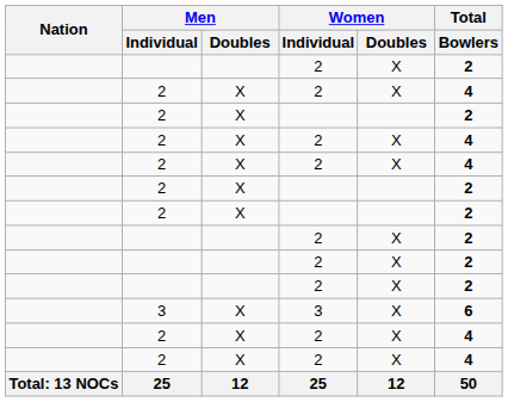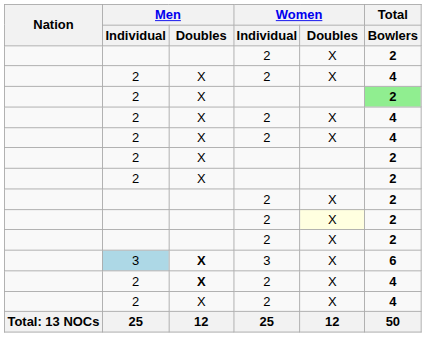 <table class="wikitable" style="text-align:center; font-size:90%">
 <tr>
 <th rowspan="2" align="left">Nation</th>
 <th colspan="2"><a href='#'>Men</a></th>
 <th colspan="2"><a href='#'>Women</a></th>
 <th>Total</th>
 </tr>
 <tr>
 <th width=65>Individual</th>
 <th width=65>Doubles</th>
 <th width=65>Individual</th>
 <th width=65>Doubles</th>
 <th width=55>Bowlers</th>
 </tr>
 <tr>
 <td align=left></td>
 <td></td>
 <td></td>
 <td>2</td>
 <td>X</td>
 <td><strong>2</strong></td>
 </tr>
 <tr>
 <td align=left></td>
 <td>2</td>
 <td>X</td>
 <td>2</td>
 <td>X</td>
 <td><strong>4</strong></td>
 </tr>
 <tr>
 <td align=left></td>
 <td>2</td>
 <td>X</td>
 <td></td>
 <td></td>
-<td><strong>2</strong></td>
+<td style="background: lightgreen;"><strong>2</strong></td>
 </tr>
 <tr>
 <td align=left></td>
 <td>2</td>
 <td>X</td>
 <td>2</td>
 <td>X</td>
 <td><strong>4</strong></td>
 </tr>
 <tr>
 <td align=left></td>
 <td>2</td>
 <td>X</td>
 <td>2</td>
 <td>X</td>
 <td><strong>4</strong></td>
 </tr>
 <tr>
 <td align=left></td>
 <td>2</td>
 <td>X</td>
 <td></td>
 <td></td>
 <td><strong>2</strong></td>
 </tr>
 <tr>
 <td align=left></td>
 <td>2</td>
 <td>X</td>
 <td></td>
 <td></td>
 <td><strong>2</strong></td>
 </tr>
 <tr>
 <td align=left></td>
 <td></td>
 <td></td>
 <td>2</td>
 <td>X</td>
 <td><strong>2</strong></td>
 </tr>
 <tr>
 <td align=left></td>
 <td></td>
 <td></td>
 <td>2</td>
-<td>X</td>
+<td style="background: lightyellow;">X</td>
 <td><strong>2</strong></td>
 </tr>
 <tr>
 <td align=left></td>
 <td></td>
 <td></td>
 <td>2</td>
 <td>X</td>
 <td><strong>2</strong></td>
 </tr>
 <tr>
 <td align=left></td>
-<td>3</td>
-<td>X</td>
+<td style="background: lightblue;">3</td>
+<td><strong>X</strong></td>
 <td>3</td>
 <td>X</td>
 <td><strong>6</strong></td>
 </tr>
 <tr>
 <td align=left></td>
 <td>2</td>
-<td>X</td>
+<td><strong>X</strong></td>
 <td>2</td>
 <td>X</td>
 <td><strong>4</strong></td>
 </tr>
 <tr>
 <td align=left></td>
 <td>2</td>
 <td>X</td>
 <td>2</td>
 <td>X</td>
 <td><strong>4</strong></td>
 </tr>
 <tr>
 <th>Total: 13 NOCs</th>
 <th>25</th>
 <th>12</th>
 <th>25</th>
 <th>12</th>
 <th>50</th>
 </tr>
 </table>
